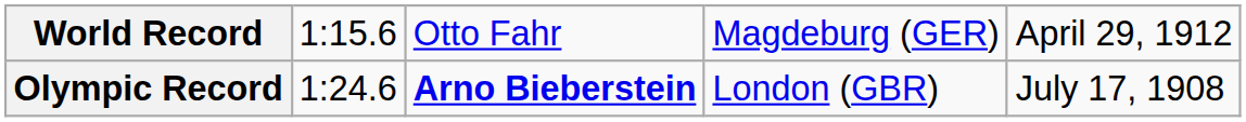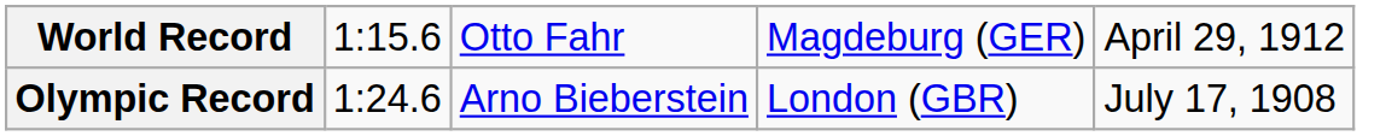 <table class="wikitable" style="font-size:95%;">
 <tr>
 <th>World Record</th>
 <td>1:15.6</td>
 <td> <a href='#'>Otto Fahr</a></td>
 <td><a href='#'>Magdeburg</a> (<a href='#'>GER</a>)</td>
 <td>April 29, 1912</td>
 </tr>
 <tr>
 <th>Olympic Record</th>
 <td>1:24.6</td>
-<td><strong> <a href='#'>Arno Bieberstein</a></strong></td>
+<td> <a href='#'>Arno Bieberstein</a></td>
 <td><a href='#'>London</a> (<a href='#'>GBR</a>)</td>
 <td>July 17, 1908</td>
 </tr>
 </table>
